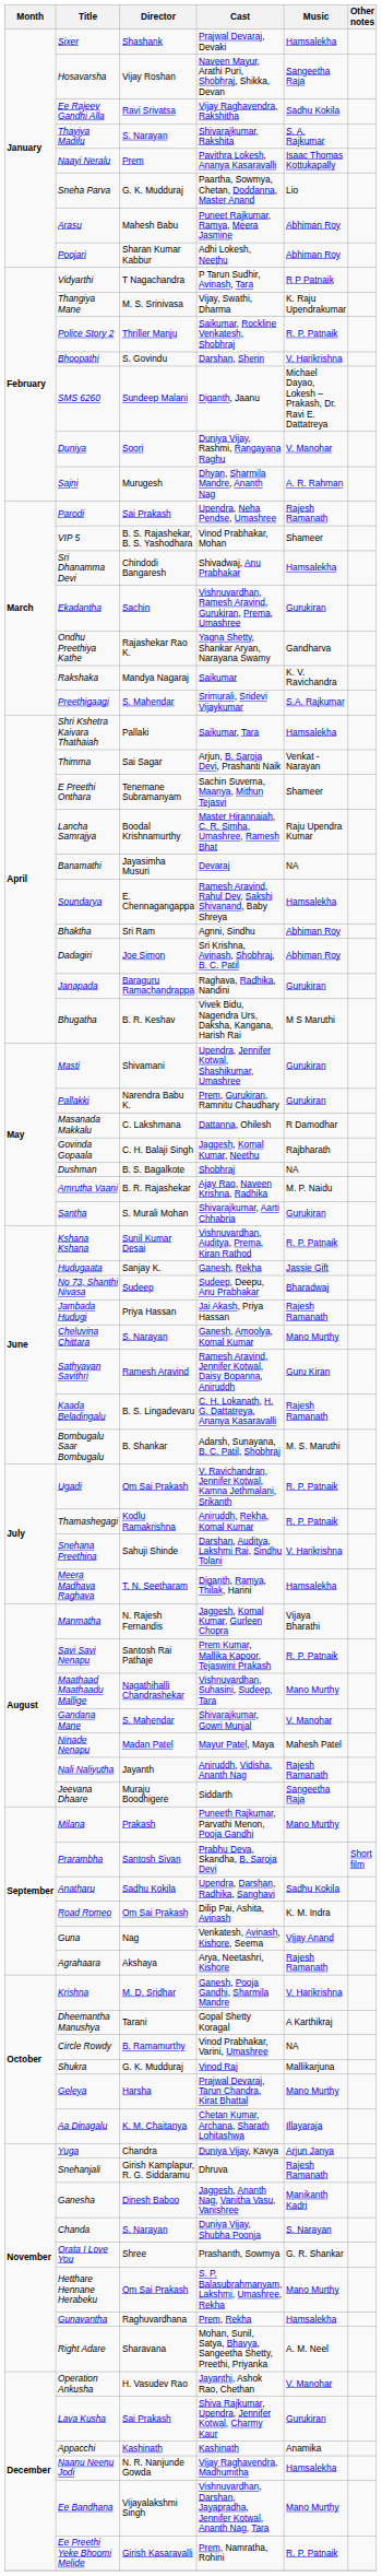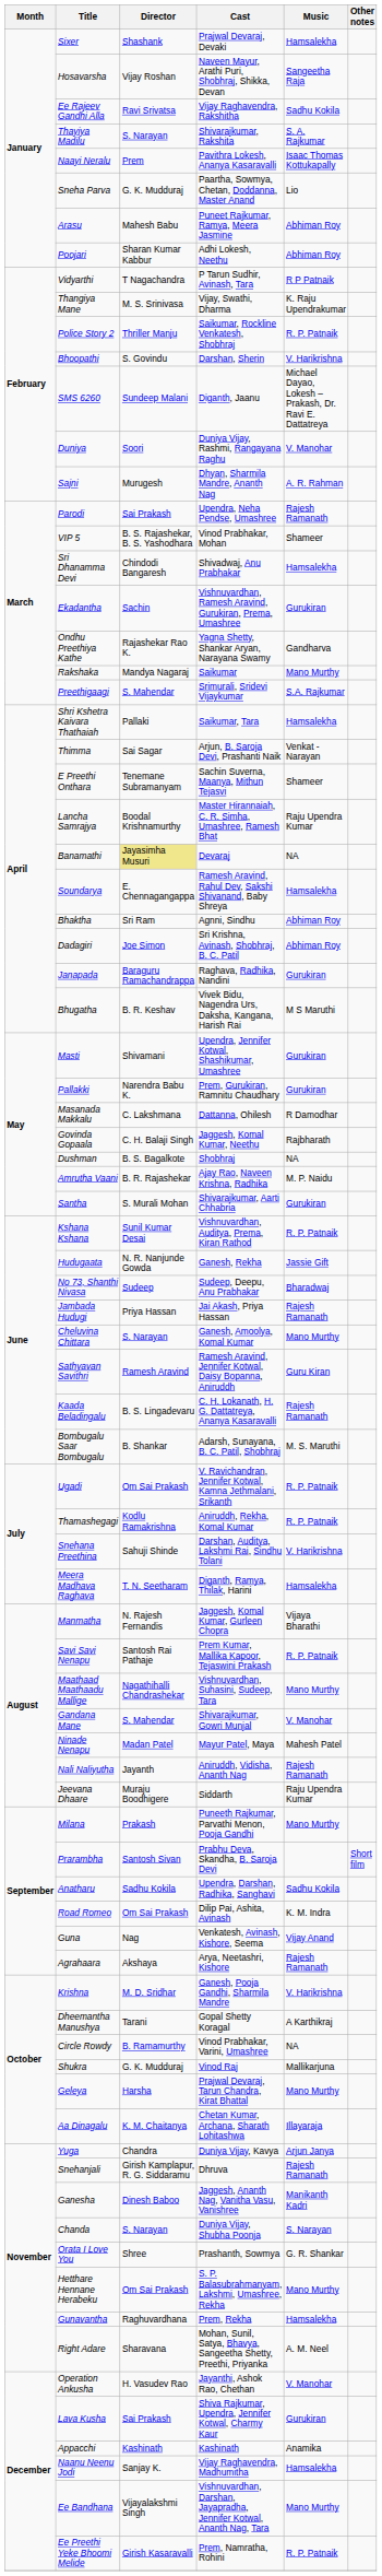 <table class="wikitable">
 <tr>
 <th>Month</th>
 <th>Title</th>
 <th>Director</th>
 <th>Cast</th>
 <th>Music</th>
 <th>Other notes</th>
 </tr>
 <tr>
 <td rowspan="8"><strong>January</strong></td>
 <td><em><a href='#'>Sixer</a></em></td>
 <td><a href='#'>Shashank</a></td>
 <td><a href='#'>Prajwal Devaraj</a>, Devaki</td>
 <td><a href='#'>Hamsalekha</a></td>
 <td></td>
 </tr>
 <tr>
 <td><em>Hosavarsha</em></td>
 <td>Vijay Roshan</td>
 <td><a href='#'>Naveen Mayur</a>, Arathi Puri, <a href='#'>Shobhraj</a>, Shikka, Devan</td>
 <td><a href='#'>Sangeetha Raja</a></td>
 <td></td>
 </tr>
 <tr>
 <td><em><a href='#'>Ee Rajeev Gandhi Alla</a></em></td>
 <td><a href='#'>Ravi Srivatsa</a></td>
 <td><a href='#'>Vijay Raghavendra</a>, <a href='#'>Rakshitha</a></td>
 <td><a href='#'>Sadhu Kokila</a></td>
 <td></td>
 </tr>
 <tr>
 <td><em><a href='#'>Thayiya Madilu</a></em></td>
 <td><a href='#'>S. Narayan</a></td>
 <td><a href='#'>Shivarajkumar</a>, <a href='#'>Rakshita</a></td>
 <td><a href='#'>S. A. Rajkumar</a></td>
 <td></td>
 </tr>
 <tr>
 <td><em><a href='#'>Naayi Neralu</a></em></td>
 <td><a href='#'>Prem</a></td>
 <td><a href='#'>Pavithra Lokesh</a>, <a href='#'>Ananya Kasaravalli</a></td>
 <td><a href='#'>Isaac Thomas Kottukapally</a></td>
 <td></td>
 </tr>
 <tr>
 <td><em>Sneha Parva</em></td>
 <td>G. K. Mudduraj</td>
 <td>Paartha, Sowmya, Chetan, <a href='#'>Doddanna</a>, <a href='#'>Master Anand</a></td>
 <td>Lio</td>
 <td></td>
 </tr>
 <tr>
 <td><em><a href='#'>Arasu</a></em></td>
 <td>Mahesh Babu</td>
 <td><a href='#'>Puneet Rajkumar</a>, <a href='#'>Ramya</a>, <a href='#'>Meera Jasmine</a></td>
 <td><a href='#'>Abhiman Roy</a></td>
 <td></td>
 </tr>
 <tr>
 <td><em><a href='#'>Poojari</a></em></td>
 <td>Sharan Kumar Kabbur</td>
 <td>Adhi Lokesh, <a href='#'>Neethu</a></td>
 <td><a href='#'>Abhiman Roy</a></td>
 <td></td>
 </tr>
 <tr>
 <td rowspan="7"><strong>February</strong></td>
 <td><em>Vidyarthi</em></td>
 <td>T Nagachandra</td>
 <td>P Tarun Sudhir, <a href='#'>Avinash</a>, <a href='#'>Tara</a></td>
 <td><a href='#'>R P Patnaik</a></td>
 <td></td>
 </tr>
 <tr>
 <td><em>Thangiya Mane</em></td>
 <td>M. S. Srinivasa</td>
 <td>Vijay, Swathi, Dharma</td>
 <td>K. Raju Upendrakumar</td>
 <td></td>
 </tr>
 <tr>
 <td><em><a href='#'>Police Story 2</a></em></td>
 <td><a href='#'>Thriller Manju</a></td>
 <td><a href='#'>Saikumar</a>, <a href='#'>Rockline Venkatesh</a>, <a href='#'>Shobhraj</a></td>
 <td><a href='#'>R. P. Patnaik</a></td>
 <td></td>
 </tr>
 <tr>
 <td><em><a href='#'>Bhoopathi</a></em></td>
 <td>S. Govindu</td>
 <td><a href='#'>Darshan</a>, <a href='#'>Sherin</a></td>
 <td><a href='#'>V. Harikrishna</a></td>
 <td></td>
 </tr>
 <tr>
 <td><em><a href='#'>SMS 6260</a></em></td>
 <td><a href='#'>Sundeep Malani</a></td>
 <td><a href='#'>Diganth</a>, Jaanu</td>
 <td>Michael Dayao, Lokesh – Prakash, Dr. Ravi E. Dattatreya</td>
 <td></td>
 </tr>
 <tr>
 <td><em><a href='#'>Duniya</a></em></td>
 <td><a href='#'>Soori</a></td>
 <td><a href='#'>Duniya Vijay</a>, Rashmi, <a href='#'>Rangayana Raghu</a></td>
 <td><a href='#'>V. Manohar</a></td>
 <td></td>
 </tr>
 <tr>
 <td><em><a href='#'>Sajni</a></em></td>
 <td>Murugesh</td>
 <td><a href='#'>Dhyan</a>, <a href='#'>Sharmila Mandre</a>, <a href='#'>Ananth Nag</a></td>
 <td><a href='#'>A. R. Rahman</a></td>
 <td></td>
 </tr>
 <tr>
 <td rowspan="7"><strong>March</strong></td>
 <td><em><a href='#'>Parodi</a></em></td>
 <td><a href='#'>Sai Prakash</a></td>
 <td><a href='#'>Upendra</a>, <a href='#'>Neha Pendse</a>, <a href='#'>Umashree</a></td>
 <td><a href='#'>Rajesh Ramanath</a></td>
 <td></td>
 </tr>
 <tr>
 <td><em>VIP 5</em></td>
 <td>B. S. Rajashekar, B. S. Yashodhara</td>
 <td>Vinod Prabhakar, Mohan</td>
 <td>Shameer</td>
 <td></td>
 </tr>
 <tr>
 <td><em>Sri Dhanamma Devi</em></td>
 <td>Chindodi Bangaresh</td>
 <td>Shivadwaj, <a href='#'>Anu Prabhakar</a></td>
 <td><a href='#'>Hamsalekha</a></td>
 <td></td>
 </tr>
 <tr>
 <td><em><a href='#'>Ekadantha</a></em></td>
 <td><a href='#'>Sachin</a></td>
 <td><a href='#'>Vishnuvardhan</a>, <a href='#'>Ramesh Aravind</a>, <a href='#'>Gurukiran</a>, <a href='#'>Prema</a>, <a href='#'>Umashree</a></td>
 <td><a href='#'>Gurukiran</a></td>
 <td></td>
 </tr>
 <tr>
 <td><em>Ondhu Preethiya Kathe</em></td>
 <td>Rajashekar Rao K.</td>
 <td><a href='#'>Yagna Shetty</a>, Shankar Aryan, Narayana Swamy</td>
 <td>Gandharva</td>
 <td></td>
 </tr>
 <tr>
 <td><em>Rakshaka</em></td>
 <td>Mandya Nagaraj</td>
 <td><a href='#'>Saikumar</a></td>
-<td>K. V. Ravichandra</td>
+<td><a href='#'>Mano Murthy</a></td>
 <td></td>
 </tr>
 <tr>
 <td><em><a href='#'>Preethigaagi</a></em></td>
 <td><a href='#'>S. Mahendar</a></td>
 <td><a href='#'>Srimurali</a>, <a href='#'>Sridevi Vijaykumar</a></td>
 <td><a href='#'>S.A. Rajkumar</a></td>
 <td></td>
 </tr>
 <tr>
 <td rowspan="10"><strong>April</strong></td>
 <td><em>Shri Kshetra Kaivara Thathaiah</em></td>
 <td>Pallaki</td>
 <td><a href='#'>Saikumar</a>, <a href='#'>Tara</a></td>
 <td><a href='#'>Hamsalekha</a></td>
 <td></td>
 </tr>
 <tr>
 <td><em>Thimma</em></td>
 <td>Sai Sagar</td>
 <td>Arjun, <a href='#'>B. Saroja Devi</a>, Prashanti Naik</td>
 <td>Venkat - Narayan</td>
 <td></td>
 </tr>
 <tr>
 <td><em>E Preethi Onthara</em></td>
 <td>Tenemane Subramanyam</td>
 <td>Sachin Suverna, <a href='#'>Maanya</a>, <a href='#'>Mithun Tejasvi</a></td>
 <td>Shameer</td>
 <td></td>
 </tr>
 <tr>
 <td><em>Lancha Samrajya</em></td>
 <td>Boodal Krishnamurthy</td>
 <td><a href='#'>Master Hirannaiah</a>, <a href='#'>C. R. Simha</a>, <a href='#'>Umashree</a>, <a href='#'>Ramesh Bhat</a></td>
 <td>Raju Upendra Kumar</td>
 <td></td>
 </tr>
 <tr>
 <td><em>Banamathi</em></td>
-<td>Jayasimha Musuri</td>
+<td style="background: khaki;">Jayasimha Musuri</td>
 <td><a href='#'>Devaraj</a></td>
 <td>NA</td>
 <td></td>
 </tr>
 <tr>
 <td><em><a href='#'>Soundarya</a></em></td>
 <td>E. Chennagangappa</td>
 <td><a href='#'>Ramesh Aravind</a>, <a href='#'>Rahul Dev</a>, <a href='#'>Sakshi Shivanand</a>, Baby Shreya</td>
 <td><a href='#'>Hamsalekha</a></td>
 <td></td>
 </tr>
 <tr>
 <td><em>Bhaktha</em></td>
 <td>Sri Ram</td>
 <td>Agnni, Sindhu</td>
 <td><a href='#'>Abhiman Roy</a></td>
 <td></td>
 </tr>
 <tr>
 <td><em>Dadagiri</em></td>
 <td><a href='#'>Joe Simon</a></td>
 <td>Sri Krishna, <a href='#'>Avinash</a>,  <a href='#'>Shobhraj</a>, <a href='#'>B. C. Patil</a></td>
 <td><a href='#'>Abhiman Roy</a></td>
 <td></td>
 </tr>
 <tr>
 <td><em><a href='#'>Janapada</a></em></td>
 <td><a href='#'>Baraguru Ramachandrappa</a></td>
 <td>Raghava, <a href='#'>Radhika</a>, Nandini</td>
 <td><a href='#'>Gurukiran</a></td>
 <td></td>
 </tr>
 <tr>
 <td><em>Bhugatha</em></td>
 <td>B. R. Keshav</td>
 <td>Vivek Bidu, Nagendra Urs, Daksha, Kangana, Harish Rai</td>
 <td>M S Maruthi</td>
 <td></td>
 </tr>
 <tr>
 <td rowspan="7"><strong>May</strong></td>
 <td><em><a href='#'>Masti</a></em></td>
 <td>Shivamani</td>
 <td><a href='#'>Upendra</a>, <a href='#'>Jennifer Kotwal</a>, <a href='#'>Shashikumar</a>, <a href='#'>Umashree</a></td>
 <td><a href='#'>Gurukiran</a></td>
 <td></td>
 </tr>
 <tr>
 <td><em><a href='#'>Pallakki</a></em></td>
 <td>Narendra Babu K.</td>
 <td><a href='#'>Prem</a>, <a href='#'>Gurukiran</a>, Ramnitu Chaudhary</td>
 <td><a href='#'>Gurukiran</a></td>
 <td></td>
 </tr>
 <tr>
 <td><em>Masanada Makkalu</em></td>
 <td>C. Lakshmana</td>
 <td><a href='#'>Dattanna</a>, Ohilesh</td>
 <td>R Damodhar</td>
 <td></td>
 </tr>
 <tr>
 <td><em>Govinda Gopaala</em></td>
 <td>C. H. Balaji Singh</td>
 <td><a href='#'>Jaggesh</a>, <a href='#'>Komal Kumar</a>, <a href='#'>Neethu</a></td>
 <td>Rajbharath</td>
 <td></td>
 </tr>
 <tr>
 <td><em>Dushman</em></td>
 <td>B. S. Bagalkote</td>
 <td><a href='#'>Shobhraj</a></td>
 <td>NA</td>
 <td></td>
 </tr>
 <tr>
 <td><em><a href='#'>Amrutha Vaani</a></em></td>
 <td>B. R. Rajashekar</td>
 <td><a href='#'>Ajay Rao</a>, <a href='#'>Naveen Krishna</a>, <a href='#'>Radhika</a></td>
 <td>M. P. Naidu</td>
 <td></td>
 </tr>
 <tr>
 <td><em><a href='#'>Santha</a></em></td>
 <td>S. Murali Mohan</td>
 <td><a href='#'>Shivarajkumar</a>, <a href='#'>Aarti Chhabria</a></td>
 <td><a href='#'>Gurukiran</a></td>
 <td></td>
 </tr>
 <tr>
 <td rowspan="8"><strong>June</strong></td>
 <td><em><a href='#'>Kshana Kshana</a></em></td>
 <td><a href='#'>Sunil Kumar Desai</a></td>
 <td><a href='#'>Vishnuvardhan</a>, <a href='#'>Auditya</a>, <a href='#'>Prema</a>, <a href='#'>Kiran Rathod</a></td>
 <td><a href='#'>R. P. Patnaik</a></td>
 <td></td>
 </tr>
 <tr>
 <td><em><a href='#'>Hudugaata</a></em></td>
-<td>Sanjay K.</td>
+<td>N. R. Nanjunde Gowda</td>
 <td><a href='#'>Ganesh</a>, <a href='#'>Rekha</a></td>
 <td><a href='#'>Jassie Gift</a></td>
 <td></td>
 </tr>
 <tr>
 <td><em><a href='#'>No 73, Shanthi Nivasa</a></em></td>
 <td><a href='#'>Sudeep</a></td>
 <td><a href='#'>Sudeep</a>, Deepu, <a href='#'>Anu Prabhakar</a></td>
 <td><a href='#'>Bharadwaj</a></td>
 <td></td>
 </tr>
 <tr>
 <td><em><a href='#'>Jambada Hudugi</a></em></td>
 <td>Priya Hassan</td>
 <td><a href='#'>Jai Akash</a>, Priya Hassan</td>
 <td><a href='#'>Rajesh Ramanath</a></td>
 <td></td>
 </tr>
 <tr>
 <td><em><a href='#'>Cheluvina Chittara</a></em></td>
 <td><a href='#'>S. Narayan</a></td>
 <td><a href='#'>Ganesh</a>, <a href='#'>Amoolya</a>, <a href='#'>Komal Kumar</a></td>
 <td><a href='#'>Mano Murthy</a></td>
 <td></td>
 </tr>
 <tr>
 <td><em><a href='#'>Sathyavan Savithri</a></em></td>
 <td><a href='#'>Ramesh Aravind</a></td>
 <td><a href='#'>Ramesh Aravind</a>, <a href='#'>Jennifer Kotwal</a>, <a href='#'>Daisy Bopanna</a>, <a href='#'>Aniruddh</a></td>
 <td><a href='#'>Guru Kiran</a></td>
 <td></td>
 </tr>
 <tr>
 <td><em><a href='#'>Kaada Beladingalu</a></em></td>
 <td>B. S. Lingadevaru</td>
 <td><a href='#'>C. H. Lokanath</a>, <a href='#'>H. G. Dattatreya</a>, <a href='#'>Ananya Kasaravalli</a></td>
 <td><a href='#'>Rajesh Ramanath</a></td>
 <td></td>
 </tr>
 <tr>
 <td><em>Bombugalu Saar Bombugalu</em></td>
 <td>B. Shankar</td>
 <td>Adarsh, Sunayana, <a href='#'>B. C. Patil</a>,  <a href='#'>Shobhraj</a></td>
 <td>M. S. Maruthi</td>
 <td></td>
 </tr>
 <tr>
 <td rowspan="4"><strong>July</strong></td>
 <td><em><a href='#'>Ugadi</a></em></td>
 <td><a href='#'>Om Sai Prakash</a></td>
 <td><a href='#'>V. Ravichandran</a>, <a href='#'>Jennifer Kotwal</a>, <a href='#'>Kamna Jethmalani</a>, <a href='#'>Srikanth</a></td>
 <td><a href='#'>R. P. Patnaik</a></td>
 <td></td>
 </tr>
 <tr>
 <td><em>Thamashegagi</em></td>
 <td><a href='#'>Kodlu Ramakrishna</a></td>
 <td><a href='#'>Aniruddh</a>, <a href='#'>Rekha</a>, <a href='#'>Komal Kumar</a></td>
 <td><a href='#'>R. P. Patnaik</a></td>
 <td></td>
 </tr>
 <tr>
 <td><em><a href='#'>Snehana Preethina</a></em></td>
 <td>Sahuji Shinde</td>
 <td><a href='#'>Darshan</a>, <a href='#'>Auditya</a>, <a href='#'>Lakshmi Rai</a>, <a href='#'>Sindhu Tolani</a></td>
 <td><a href='#'>V. Harikrishna</a></td>
 <td></td>
 </tr>
 <tr>
 <td><em><a href='#'>Meera Madhava Raghava</a></em></td>
 <td><a href='#'>T. N. Seetharam</a></td>
 <td><a href='#'>Diganth</a>, <a href='#'>Ramya</a>, <a href='#'>Thilak</a>, Harini</td>
 <td><a href='#'>Hamsalekha</a></td>
 <td></td>
 </tr>
 <tr>
 <td rowspan="7"><strong>August</strong></td>
 <td><em><a href='#'>Manmatha</a></em></td>
 <td>N. Rajesh Fernandis</td>
 <td><a href='#'>Jaggesh</a>, <a href='#'>Komal Kumar</a>, <a href='#'>Gurleen Chopra</a></td>
 <td>Vijaya Bharathi</td>
 <td></td>
 </tr>
 <tr>
 <td><em><a href='#'>Savi Savi Nenapu</a></em></td>
 <td>Santosh Rai Pathaje</td>
 <td><a href='#'>Prem Kumar</a>, <a href='#'>Mallika Kapoor</a>, <a href='#'>Tejaswini Prakash</a></td>
 <td><a href='#'>R. P. Patnaik</a></td>
 <td></td>
 </tr>
 <tr>
 <td><em><a href='#'>Maathaad Maathaadu Mallige</a></em></td>
 <td><a href='#'>Nagathihalli Chandrashekar</a></td>
 <td><a href='#'>Vishnuvardhan</a>, <a href='#'>Suhasini</a>, <a href='#'>Sudeep</a>, <a href='#'>Tara</a></td>
 <td><a href='#'>Mano Murthy</a></td>
 <td></td>
 </tr>
 <tr>
 <td><em><a href='#'>Gandana Mane</a></em></td>
 <td><a href='#'>S. Mahendar</a></td>
 <td><a href='#'>Shivarajkumar</a>, <a href='#'>Gowri Munjal</a></td>
 <td><a href='#'>V. Manohar</a></td>
 <td></td>
 </tr>
 <tr>
 <td><em><a href='#'>Ninade Nenapu</a></em></td>
 <td><a href='#'>Madan Patel</a></td>
 <td><a href='#'>Mayur Patel</a>, Maya</td>
 <td>Mahesh Patel</td>
 <td></td>
 </tr>
 <tr>
 <td><em><a href='#'>Nali Naliyutha</a></em></td>
 <td>Jayanth</td>
 <td><a href='#'>Aniruddh</a>, <a href='#'>Vidisha</a>, <a href='#'>Ananth Nag</a></td>
 <td><a href='#'>Rajesh Ramanath</a></td>
 <td></td>
 </tr>
 <tr>
 <td><em>Jeevana Dhaare</em></td>
 <td>Muraju Boodhigere</td>
 <td>Siddarth</td>
-<td><a href='#'>Sangeetha Raja</a></td>
+<td>Raju Upendra Kumar</td>
 <td></td>
 </tr>
 <tr>
 <td rowspan="6"><strong>September</strong></td>
 <td><em><a href='#'>Milana</a></em></td>
 <td><a href='#'>Prakash</a></td>
 <td><a href='#'>Puneeth Rajkumar</a>, Parvathi Menon, <a href='#'>Pooja Gandhi</a></td>
 <td><a href='#'>Mano Murthy</a></td>
 <td></td>
 </tr>
 <tr>
 <td><em><a href='#'>Prarambha</a></em></td>
 <td><a href='#'>Santosh Sivan</a></td>
 <td><a href='#'>Prabhu Deva</a>, Skandha, <a href='#'>B. Saroja Devi</a></td>
 <td></td>
 <td><a href='#'>Short film</a></td>
 </tr>
 <tr>
 <td><em><a href='#'>Anatharu</a></em></td>
 <td><a href='#'>Sadhu Kokila</a></td>
 <td><a href='#'>Upendra</a>, <a href='#'>Darshan</a>, <a href='#'>Radhika</a>, <a href='#'>Sanghavi</a></td>
 <td><a href='#'>Sadhu Kokila</a></td>
 <td></td>
 </tr>
 <tr>
 <td><em><a href='#'>Road Romeo</a></em></td>
 <td><a href='#'>Om Sai Prakash</a></td>
 <td>Dilip Pai, Ashita, <a href='#'>Avinash</a></td>
 <td>K. M. Indra</td>
 <td></td>
 </tr>
 <tr>
 <td><em>Guna</em></td>
 <td>Nag</td>
 <td>Venkatesh, <a href='#'>Avinash</a>, <a href='#'>Kishore</a>, Seema</td>
 <td><a href='#'>Vijay Anand</a></td>
 <td></td>
 </tr>
 <tr>
 <td><em>Agrahaara</em></td>
 <td>Akshaya</td>
 <td>Arya, Neetashri, <a href='#'>Kishore</a></td>
 <td><a href='#'>Rajesh Ramanath</a></td>
 <td></td>
 </tr>
 <tr>
 <td rowspan="6"><strong>October</strong></td>
 <td><em><a href='#'>Krishna</a></em></td>
 <td><a href='#'>M. D. Sridhar</a></td>
 <td><a href='#'>Ganesh</a>, <a href='#'>Pooja Gandhi</a>, <a href='#'>Sharmila Mandre</a></td>
 <td><a href='#'>V. Harikrishna</a></td>
 <td></td>
 </tr>
 <tr>
 <td><em>Dheemantha Manushya</em></td>
 <td>Tarani</td>
 <td>Gopal Shetty Koragal</td>
 <td>A Karthikraj</td>
 <td></td>
 </tr>
 <tr>
 <td><em>Circle Rowdy</em></td>
 <td><a href='#'>B. Ramamurthy</a></td>
 <td>Vinod Prabhakar, Varini, <a href='#'>Umashree</a></td>
 <td>NA</td>
 <td></td>
 </tr>
 <tr>
 <td><em>Shukra</em></td>
 <td>G. K. Mudduraj</td>
 <td><a href='#'>Vinod Raj</a></td>
 <td>Mallikarjuna</td>
 <td></td>
 </tr>
 <tr>
 <td><em><a href='#'>Geleya</a></em></td>
 <td><a href='#'>Harsha</a></td>
 <td><a href='#'>Prajwal Devaraj</a>, <a href='#'>Tarun Chandra</a>, <a href='#'>Kirat Bhattal</a></td>
 <td><a href='#'>Mano Murthy</a></td>
 <td></td>
 </tr>
 <tr>
 <td><em><a href='#'>Aa Dinagalu</a></em></td>
 <td><a href='#'>K. M. Chaitanya</a></td>
 <td><a href='#'>Chetan Kumar</a>, <a href='#'>Archana</a>, <a href='#'>Sharath Lohitashwa</a></td>
 <td><a href='#'>Illayaraja</a></td>
 <td></td>
 </tr>
 <tr>
 <td rowspan="8"><strong>November</strong></td>
 <td><em><a href='#'>Yuga</a></em></td>
 <td>Chandra</td>
 <td><a href='#'>Duniya Vijay</a>, Kavya</td>
 <td><a href='#'>Arjun Janya</a></td>
 <td></td>
 </tr>
 <tr>
 <td><em>Snehanjali</em></td>
 <td>Girish Kamplapur, R. G. Siddaramu</td>
 <td>Dhruva</td>
 <td><a href='#'>Rajesh Ramanath</a></td>
 <td></td>
 </tr>
 <tr>
 <td><em>Ganesha</em></td>
 <td><a href='#'>Dinesh Baboo</a></td>
 <td><a href='#'>Jaggesh</a>, <a href='#'>Ananth Nag</a>, <a href='#'>Vanitha Vasu</a>, <a href='#'>Vanishree</a></td>
 <td><a href='#'>Manikanth Kadri</a></td>
 <td></td>
 </tr>
 <tr>
 <td><em>Chanda</em></td>
 <td><a href='#'>S. Narayan</a></td>
 <td><a href='#'>Duniya Vijay</a>, <a href='#'>Shubha Poonja</a></td>
 <td><a href='#'>S. Narayan</a></td>
 <td></td>
 </tr>
 <tr>
 <td><em><a href='#'>Orata I Love You</a></em></td>
 <td>Shree</td>
 <td>Prashanth, Sowmya</td>
 <td>G. R. Shankar</td>
 <td></td>
 </tr>
 <tr>
 <td><em>Hetthare Hennane Herabeku</em></td>
 <td><a href='#'>Om Sai Prakash</a></td>
 <td><a href='#'>S. P. Balasubrahmanyam</a>, <a href='#'>Lakshmi</a>, <a href='#'>Umashree</a>, <a href='#'>Rekha</a></td>
 <td><a href='#'>Mano Murthy</a></td>
 <td></td>
 </tr>
 <tr>
 <td><em><a href='#'>Gunavantha</a></em></td>
 <td>Raghuvardhana</td>
 <td><a href='#'>Prem</a>, <a href='#'>Rekha</a></td>
 <td><a href='#'>Hamsalekha</a></td>
 <td></td>
 </tr>
 <tr>
 <td><em>Right Adare</em></td>
 <td>Sharavana</td>
 <td>Mohan, Sunil, Satya, <a href='#'>Bhavya</a>, Sangeetha Shetty, Preethi, Priyanka</td>
 <td>A. M. Neel</td>
 <td></td>
 </tr>
 <tr>
 <td rowspan="6"><strong>December</strong></td>
 <td><em>Operation Ankusha</em></td>
 <td>H. Vasudev Rao</td>
 <td><a href='#'>Jayanthi</a>, Ashok Rao, Chethan</td>
 <td><a href='#'>V. Manohar</a></td>
 <td></td>
 </tr>
 <tr>
 <td><em><a href='#'>Lava Kusha</a></em></td>
 <td><a href='#'>Sai Prakash</a></td>
 <td><a href='#'>Shiva Rajkumar</a>, <a href='#'>Upendra</a>, <a href='#'>Jennifer Kotwal</a>, <a href='#'>Charmy Kaur</a></td>
 <td><a href='#'>Gurukiran</a></td>
 <td></td>
 </tr>
 <tr>
 <td><em>Appacchi</em></td>
 <td><a href='#'>Kashinath</a></td>
 <td><a href='#'>Kashinath</a></td>
 <td>Anamika</td>
 <td></td>
 </tr>
 <tr>
 <td><em><a href='#'>Naanu Neenu Jodi</a></em></td>
-<td>N. R. Nanjunde Gowda</td>
+<td>Sanjay K.</td>
 <td><a href='#'>Vijay Raghavendra</a>, <a href='#'>Madhumitha</a></td>
 <td><a href='#'>Hamsalekha</a></td>
 <td></td>
 </tr>
 <tr>
 <td><em><a href='#'>Ee Bandhana</a></em></td>
 <td>Vijayalakshmi Singh</td>
 <td><a href='#'>Vishnuvardhan</a>, <a href='#'>Darshan</a>, <a href='#'>Jayapradha</a>, <a href='#'>Jennifer Kotwal</a>, <a href='#'>Ananth Nag</a>, <a href='#'>Tara</a></td>
 <td><a href='#'>Mano Murthy</a></td>
 <td></td>
 </tr>
 <tr>
 <td><em><a href='#'>Ee Preethi Yeke Bhoomi Melide</a></em></td>
 <td><a href='#'>Girish Kasaravalli</a></td>
 <td><a href='#'>Prem</a>, Namratha, Rohini</td>
 <td><a href='#'>R. P. Patnaik</a></td>
 <td></td>
 </tr>
 <tr>
 </tr>
 </table>
